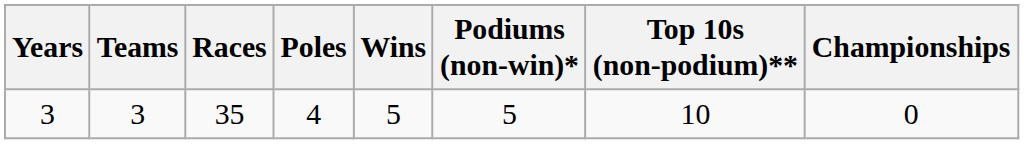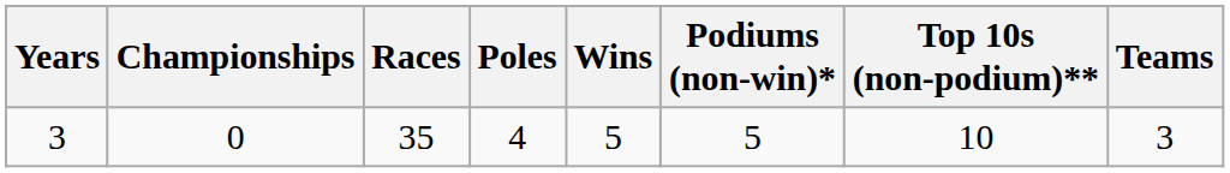 <table class="wikitable" style="text-align:center; font-size:95%">
 <tr>
 <th>Years</th>
-<th>Teams</th>
+<th>Championships</th>
 <th>Races</th>
 <th>Poles</th>
 <th>Wins</th>
 <th>Podiums<br>(non-win)*</th>
 <th>Top 10s<br>(non-podium)**</th>
-<th>Championships</th>
+<th>Teams</th>
 </tr>
 <tr>
 <td>3</td>
-<td>3</td>
+<td>0</td>
 <td>35</td>
 <td>4</td>
 <td>5</td>
 <td>5</td>
 <td>10</td>
-<td>0</td>
+<td>3</td>
 </tr>
 </table>
